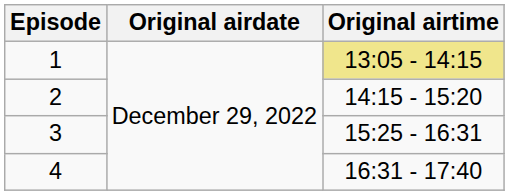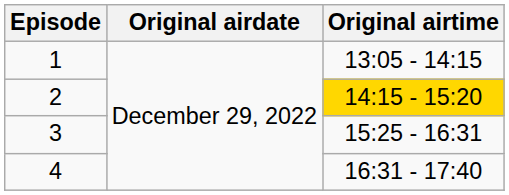 <table class="wikitable" style="text-align: center;">
 <tr>
 <th>Episode</th>
 <th>Original airdate</th>
 <th>Original airtime</th>
 </tr>
 <tr>
 <td>1</td>
 <td rowspan="4">December 29, 2022</td>
-<td style="background: khaki;">13:05 - 14:15</td>
+<td>13:05 - 14:15</td>
 </tr>
 <tr>
 <td>2</td>
-<td>14:15 - 15:20</td>
+<td style="background: gold;">14:15 - 15:20</td>
 </tr>
 <tr>
 <td>3</td>
 <td>15:25 - 16:31</td>
 </tr>
 <tr>
 <td>4</td>
 <td>16:31 - 17:40</td>
 </tr>
 </table>
